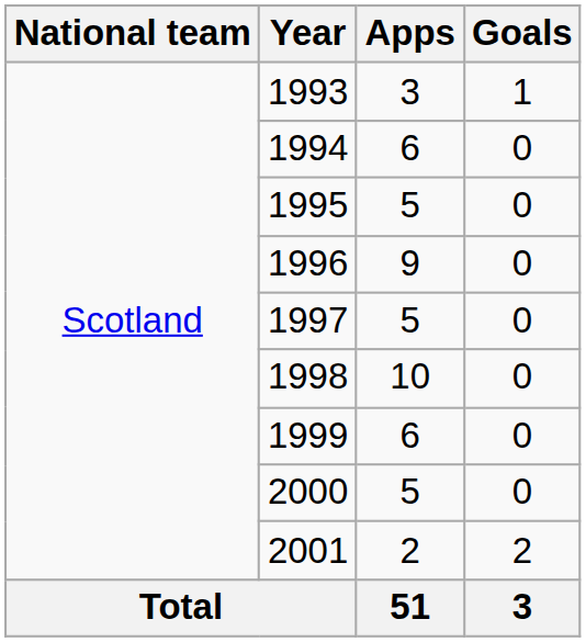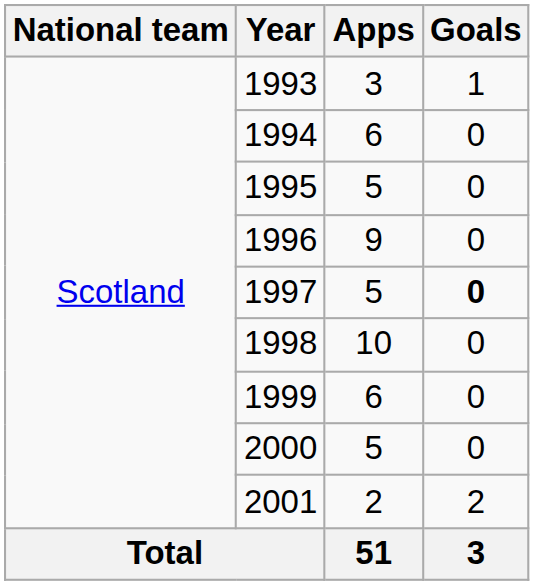 <table class="wikitable" style="text-align:center">
 <tr>
 <th>National team</th>
 <th>Year</th>
 <th>Apps</th>
 <th>Goals</th>
 </tr>
 <tr>
 <td rowspan="9"><a href='#'>Scotland</a></td>
 <td>1993</td>
 <td>3</td>
 <td>1</td>
 </tr>
 <tr>
 <td>1994</td>
 <td>6</td>
 <td>0</td>
 </tr>
 <tr>
 <td>1995</td>
 <td>5</td>
 <td>0</td>
 </tr>
 <tr>
 <td>1996</td>
 <td>9</td>
 <td>0</td>
 </tr>
 <tr>
 <td>1997</td>
 <td>5</td>
-<td>0</td>
+<td><strong>0</strong></td>
 </tr>
 <tr>
 <td>1998</td>
 <td>10</td>
 <td>0</td>
 </tr>
 <tr>
 <td>1999</td>
 <td>6</td>
 <td>0</td>
 </tr>
 <tr>
 <td>2000</td>
 <td>5</td>
 <td>0</td>
 </tr>
 <tr>
 <td>2001</td>
 <td>2</td>
 <td>2</td>
 </tr>
 <tr>
 <th colspan="2">Total</th>
 <th>51</th>
 <th>3</th>
 </tr>
 </table>
